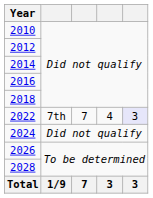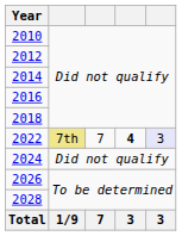 <table class="wikitable" style="text-align:center">
 <tr>
 <th>Year</th>
 <th></th>
 <th width=25></th>
 <th width=25></th>
 <th width=25></th>
 </tr>
 <tr>
 <td> <a href='#'>2010</a></td>
 <td colspan=4 rowspan=5><em>Did not qualify</em></td>
 </tr>
 <tr>
 <td> <a href='#'>2012</a></td>
 </tr>
 <tr>
 <td> <a href='#'>2014</a></td>
 </tr>
 <tr>
 <td> <a href='#'>2016</a></td>
 </tr>
 <tr>
 <td> <a href='#'>2018</a></td>
 </tr>
 <tr>
 <td> <a href='#'>2022</a></td>
-<td>7th</td>
+<td style="background: khaki;">7th</td>
 <td>7</td>
-<td>4</td>
+<td><strong>4</strong></td>
 <td style="background: lavender;">3</td>
 </tr>
 <tr>
 <td> <a href='#'>2024</a></td>
 <td colspan=4><em>Did not qualify</em></td>
 </tr>
 <tr>
 <td> <a href='#'>2026</a></td>
 <td colspan=4 rowspan=2><em>To be determined</em></td>
 </tr>
 <tr>
 <td> <a href='#'>2028</a></td>
 </tr>
 <tr>
 <th>Total</th>
 <th>1/9</th>
 <th>7</th>
 <th>3</th>
 <th>3</th>
 </tr>
 </table>
